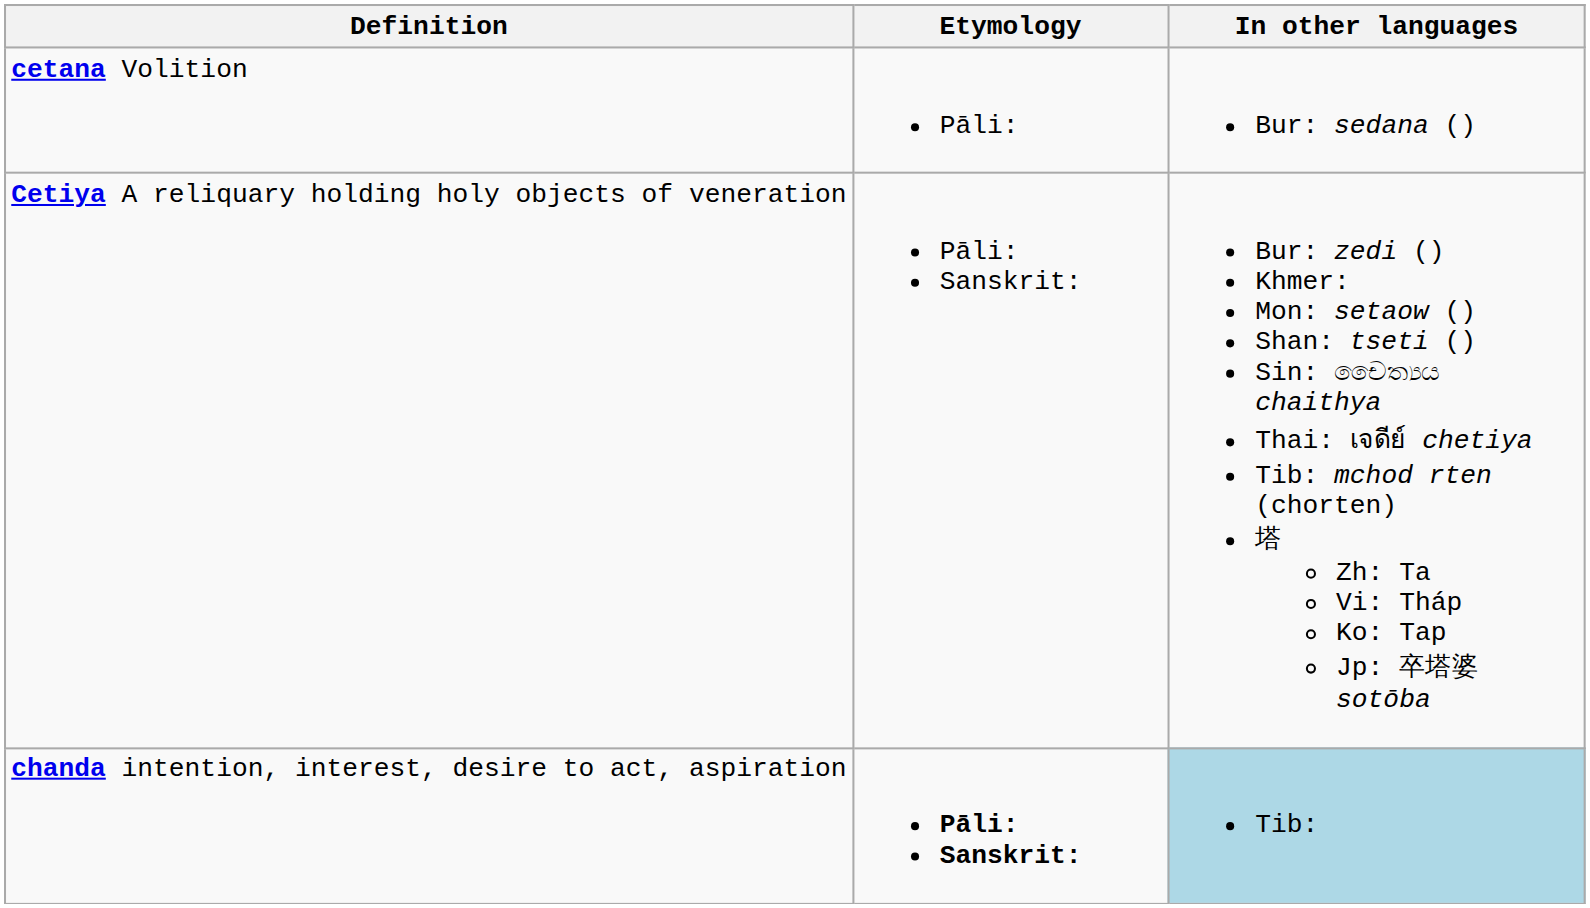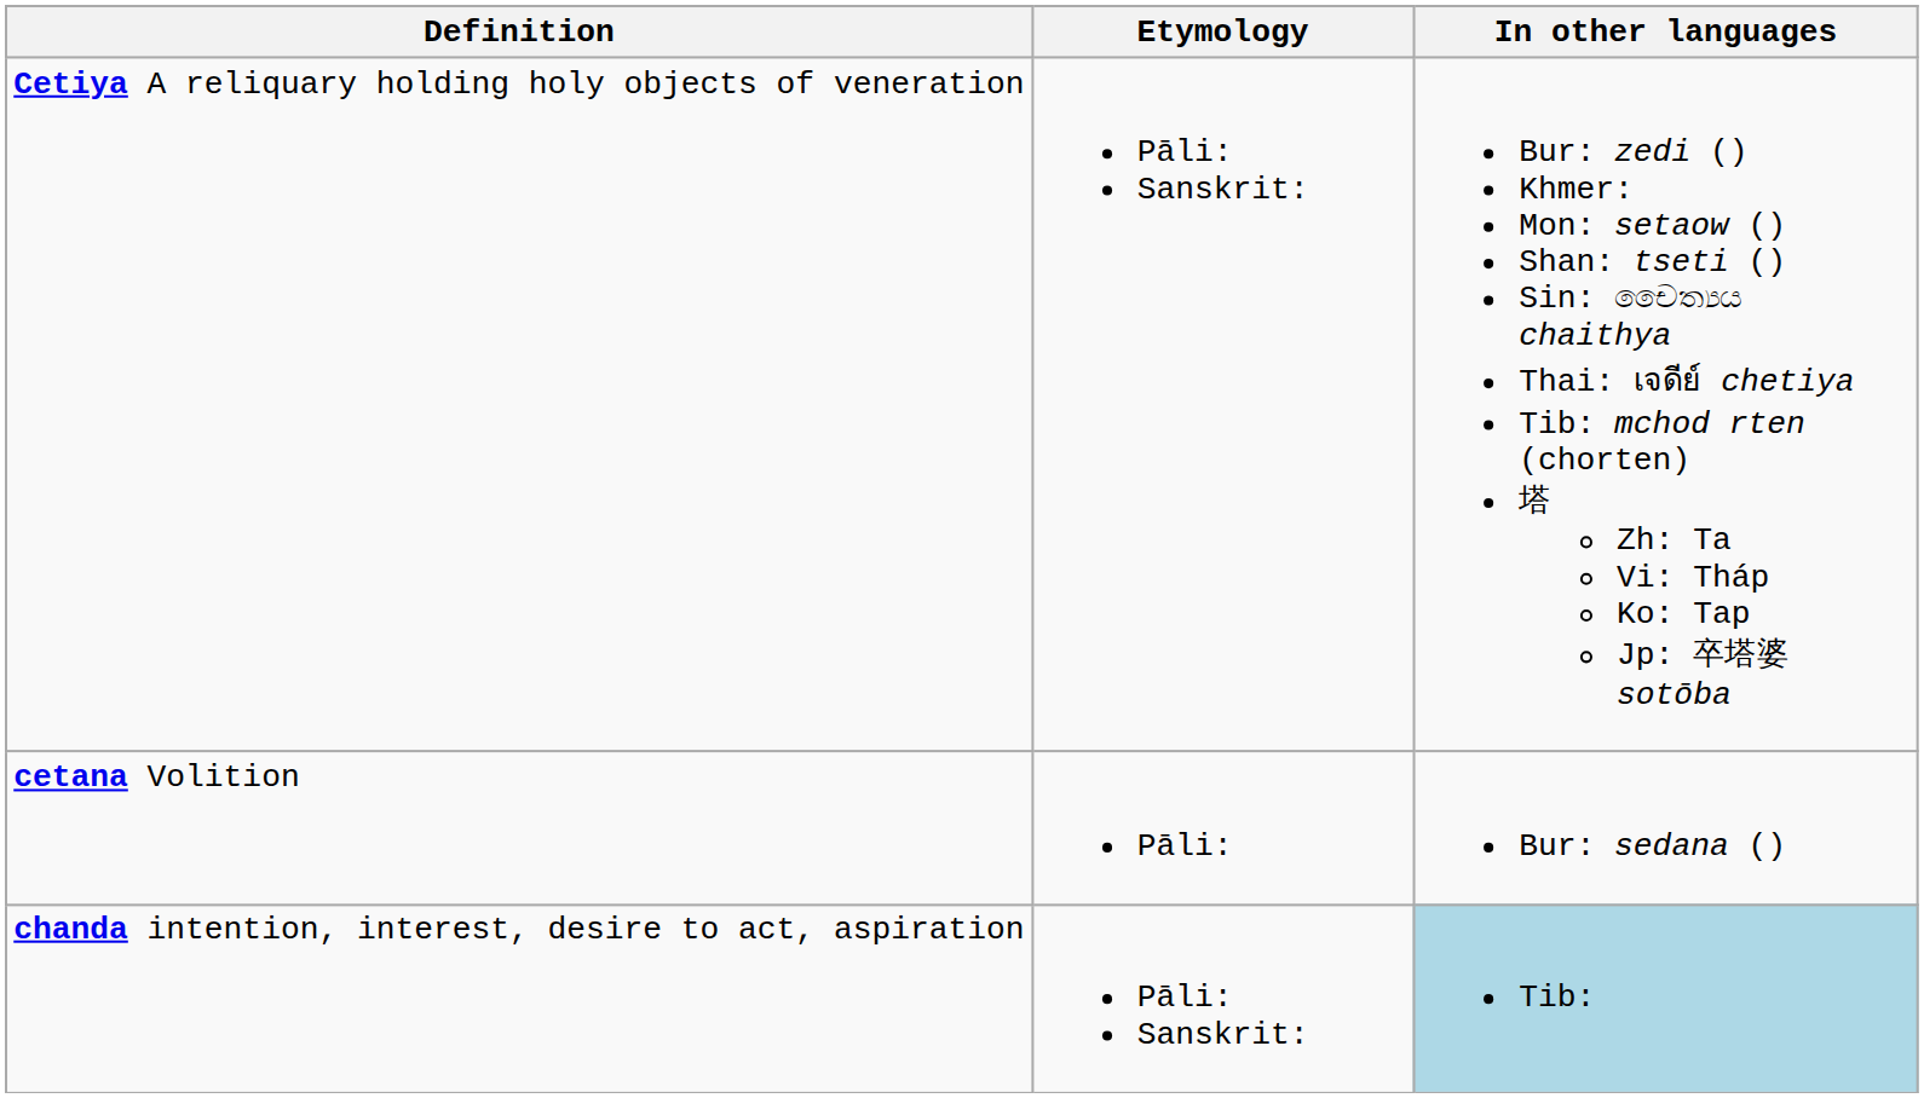 <table class="wikitable" border="1" style="border-collapse: collapse;">
 <tr>
 <th>Definition</th>
 <th>Etymology</th>
 <th>In other languages</th>
 </tr>
 <tr valign="top" style="width:450px">
+<td><strong><a href='#'>Cetiya</a></strong> A reliquary holding holy objects of veneration</td>
+<td style="width:150px"><br><ul><li>Pāli: <em></em></li><li>Sanskrit: <em></em></li></ul></td>
+<td style="width:200px"><br><ul><li>Bur:  <em>zedi</em> ()</li><li>Khmer:</li><li>Mon:  <em>setaow</em> ()</li><li>Shan:  <em>tseti</em> ()</li><li>Sin: චෛත්‍යය <em>chaithya</em></li><li>Thai: เจดีย์ <em>chetiya</em></li><li>Tib:   <em>mchod rten</em> (chorten)</li><li>塔<ul><li>Zh: Ta</li><li>Vi: Tháp</li><li>Ko: Tap</li><li>Jp: 卒塔婆 <em>sotōba</em></li></ul></li></ul></td>
+</tr>
+<tr valign="top" style="width:450px">
 <td><strong><a href='#'>cetana</a></strong> Volition</td>
 <td style="width:150px"><br><ul><li>Pāli: <em></em></li></ul></td>
 <td style="width:200px"><br><ul><li>Bur:  <em>sedana</em> ()</li></ul></td>
 </tr>
 <tr valign="top" style="width:450px">
-<td><strong><a href='#'>Cetiya</a></strong> A reliquary holding holy objects of veneration</td>
+<td><strong><a href='#'>chanda</a></strong> intention, interest, desire to act, aspiration</td>
 <td style="width:150px"><br><ul><li>Pāli: <em></em></li><li>Sanskrit: <em></em></li></ul></td>
-<td style="width:200px"><br><ul><li>Bur:  <em>zedi</em> ()</li><li>Khmer:</li><li>Mon:  <em>setaow</em> ()</li><li>Shan:  <em>tseti</em> ()</li><li>Sin: චෛත්‍යය <em>chaithya</em></li><li>Thai: เจดีย์ <em>chetiya</em></li><li>Tib:   <em>mchod rten</em> (chorten)</li><li>塔<ul><li>Zh: Ta</li><li>Vi: Tháp</li><li>Ko: Tap</li><li>Jp: 卒塔婆 <em>sotōba</em></li></ul></li></ul></td>
-</tr>
-<tr valign="top" style="width:450px">
-<td><strong><a href='#'>chanda</a></strong> intention, interest, desire to act, aspiration</td>
-<td style="width:150px"><strong><br><ul><li>Pāli: <em></em></li><li>Sanskrit: <em></em></li></ul></strong></td>
 <td style="background: lightblue; width:200px"><br><ul><li>Tib:  </li></ul></td>
 </tr>
 </table>
